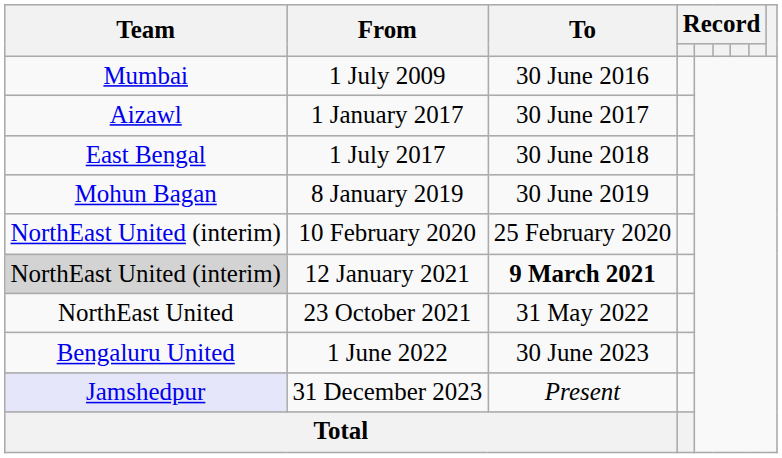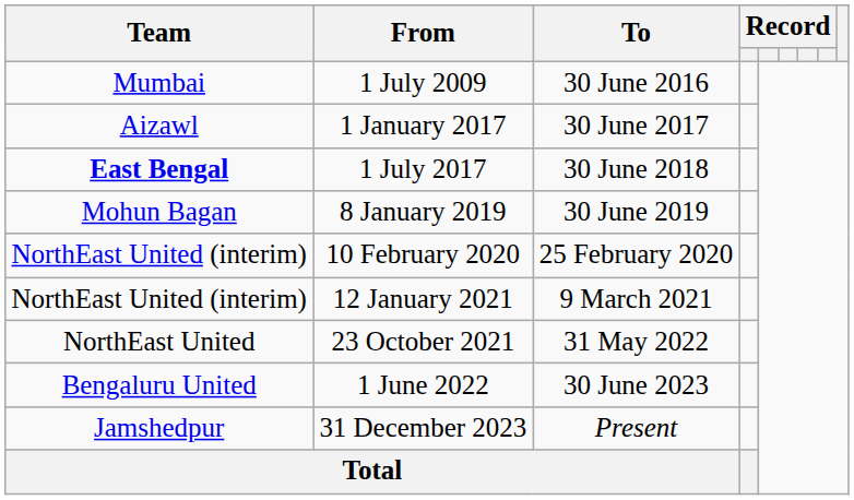 <table class="wikitable" style="text-align:center">
 <tr>
 <th rowspan="2">Team</th>
 <th rowspan="2">From</th>
 <th rowspan="2">To</th>
 <th colspan="5">Record</th>
 <th rowspan="2"></th>
 </tr>
 <tr>
 <th></th>
 <th></th>
 <th></th>
 <th></th>
 <th></th>
 </tr>
 <tr>
 <td><a href='#'>Mumbai</a></td>
 <td>1 July 2009</td>
 <td>30 June 2016<br></td>
 <td><br></td>
 </tr>
 <tr>
 <td><a href='#'>Aizawl</a></td>
 <td>1 January 2017</td>
 <td>30 June 2017<br></td>
 <td></td>
 </tr>
 <tr>
-<td><a href='#'>East Bengal</a></td>
+<td><strong><a href='#'>East Bengal</a></strong></td>
 <td>1 July 2017</td>
 <td>30 June 2018<br></td>
 <td></td>
 </tr>
 <tr>
 <td><a href='#'>Mohun Bagan</a></td>
 <td>8 January 2019</td>
 <td>30 June 2019<br></td>
 <td></td>
 </tr>
 <tr>
 <td><a href='#'>NorthEast United</a> (interim)</td>
 <td>10 February 2020</td>
 <td>25 February 2020<br></td>
 <td></td>
 </tr>
 <tr>
-<td style="background: lightgrey;">NorthEast United (interim)</td>
+<td>NorthEast United (interim)</td>
 <td>12 January 2021</td>
-<td><strong>9 March 2021<br></strong></td>
+<td>9 March 2021<br></td>
 <td></td>
 </tr>
 <tr>
 <td>NorthEast United</td>
 <td>23 October 2021</td>
 <td>31 May 2022<br></td>
 <td></td>
 </tr>
 <tr>
 <td><a href='#'>Bengaluru United</a></td>
 <td>1 June 2022</td>
 <td>30 June 2023<br></td>
 <td></td>
 </tr>
 <tr>
-<td style="background: lavender;"><a href='#'>Jamshedpur</a></td>
+<td><a href='#'>Jamshedpur</a></td>
 <td>31 December 2023</td>
 <td><em>Present</em><br></td>
 <td></td>
 </tr>
 <tr>
 <th colspan="3">Total<br></th>
 <th></th>
 </tr>
 </table>
